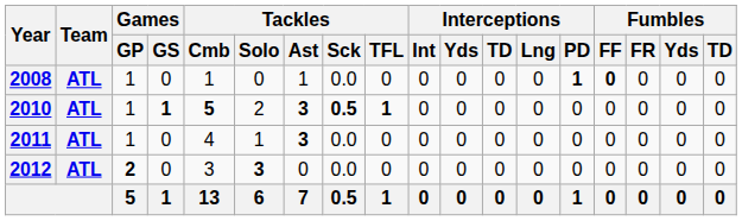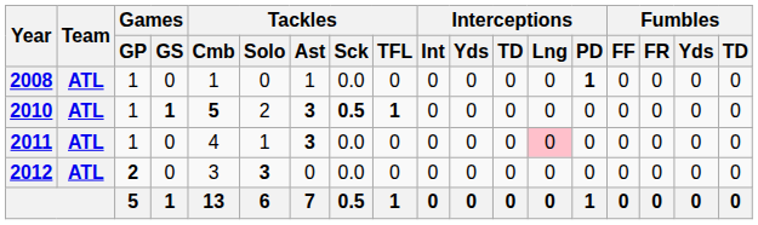 <table class="wikitable" style="text-align:center">
 <tr>
 <th rowspan="2">Year</th>
 <th rowspan="2">Team</th>
 <th colspan="2">Games</th>
 <th colspan="5">Tackles</th>
 <th colspan="5">Interceptions</th>
 <th colspan="4">Fumbles</th>
 </tr>
 <tr>
 <th>GP</th>
 <th>GS</th>
 <th>Cmb</th>
 <th>Solo</th>
 <th>Ast</th>
 <th>Sck</th>
 <th>TFL</th>
 <th>Int</th>
 <th>Yds</th>
 <th>TD</th>
 <th>Lng</th>
 <th>PD</th>
 <th>FF</th>
 <th>FR</th>
 <th>Yds</th>
 <th>TD</th>
 </tr>
 <tr>
 <th><a href='#'>2008</a></th>
 <th><a href='#'>ATL</a></th>
 <td>1</td>
 <td>0</td>
 <td>1</td>
 <td>0</td>
 <td>1</td>
 <td>0.0</td>
 <td>0</td>
 <td>0</td>
 <td>0</td>
 <td>0</td>
 <td>0</td>
 <td><strong>1</strong></td>
-<td><strong>0</strong></td>
+<td>0</td>
 <td>0</td>
 <td>0</td>
 <td>0</td>
 </tr>
 <tr>
 <th><a href='#'>2010</a></th>
 <th><a href='#'>ATL</a></th>
 <td>1</td>
 <td><strong>1</strong></td>
 <td><strong>5</strong></td>
 <td>2</td>
 <td><strong>3</strong></td>
 <td><strong>0.5</strong></td>
 <td><strong>1</strong></td>
 <td>0</td>
 <td>0</td>
 <td>0</td>
 <td>0</td>
 <td>0</td>
 <td>0</td>
 <td>0</td>
 <td>0</td>
 <td>0</td>
 </tr>
 <tr>
 <th><a href='#'>2011</a></th>
 <th><a href='#'>ATL</a></th>
 <td>1</td>
 <td>0</td>
 <td>4</td>
 <td>1</td>
 <td><strong>3</strong></td>
 <td>0.0</td>
 <td>0</td>
 <td>0</td>
 <td>0</td>
 <td>0</td>
-<td>0</td>
+<td style="background: pink;">0</td>
 <td>0</td>
 <td>0</td>
 <td>0</td>
 <td>0</td>
 <td>0</td>
 </tr>
 <tr>
 <th><a href='#'>2012</a></th>
 <th><a href='#'>ATL</a></th>
 <td><strong>2</strong></td>
 <td>0</td>
 <td>3</td>
 <td><strong>3</strong></td>
 <td>0</td>
 <td>0.0</td>
 <td>0</td>
 <td>0</td>
 <td>0</td>
 <td>0</td>
 <td>0</td>
 <td>0</td>
 <td>0</td>
 <td>0</td>
 <td>0</td>
 <td>0</td>
 </tr>
 <tr>
 <th colspan="2"></th>
 <th>5</th>
 <th>1</th>
 <th>13</th>
 <th>6</th>
 <th>7</th>
 <th>0.5</th>
 <th>1</th>
 <th>0</th>
 <th>0</th>
 <th>0</th>
 <th>0</th>
 <th>1</th>
 <th>0</th>
 <th>0</th>
 <th>0</th>
 <th>0</th>
 </tr>
 </table>
